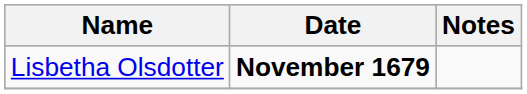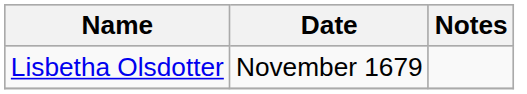 <table class="wikitable sortable" style="text-align:left">
 <tr>
 <th>Name</th>
 <th>Date</th>
 <th>Notes</th>
 </tr>
 <tr>
 <td><a href='#'>Lisbetha Olsdotter</a></td>
-<td><strong>November 1679</strong></td>
+<td>November 1679</td>
 <td></td>
 </tr>
 <tr>
 </tr>
 </table>
